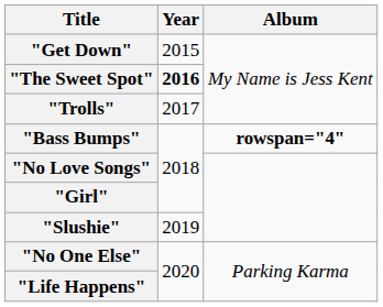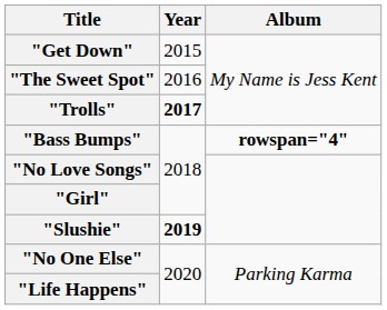 <table class="wikitable plainrowheaders" style="text-align:center;">
 <tr>
 <th>Title</th>
 <th>Year</th>
 <th>Album</th>
 </tr>
 <tr>
 <th scope="row">"Get Down"</th>
 <td>2015</td>
 <td rowspan="3"><em>My Name is Jess Kent</em></td>
 </tr>
 <tr>
 <th scope="row">"The Sweet Spot"</th>
-<td><strong>2016</strong></td>
+<td>2016</td>
 </tr>
 <tr>
 <th scope="row">"Trolls"</th>
-<td>2017</td>
+<td><strong>2017</strong></td>
 </tr>
 <tr>
 <th scope="row">"Bass Bumps"</th>
 <td rowspan="3">2018</td>
 <td><strong>rowspan="4" </strong></td>
 </tr>
 <tr>
 <th scope="row">"No Love Songs"<br></th>
 </tr>
 <tr>
 <th scope="row">"Girl"</th>
 </tr>
 <tr>
 <th scope="row">"Slushie"</th>
-<td>2019</td>
+<td><strong>2019</strong></td>
 </tr>
 <tr>
 <th scope="row">"No One Else"</th>
 <td rowspan="2">2020</td>
 <td rowspan="2"><em>Parking Karma</em></td>
 </tr>
 <tr>
 <th scope="row">"Life Happens"</th>
 </tr>
 </table>
